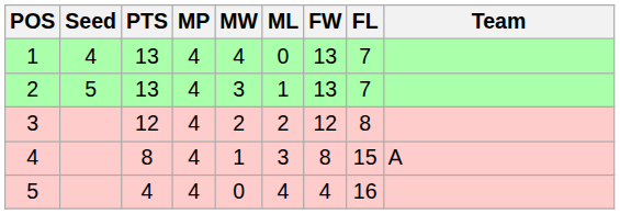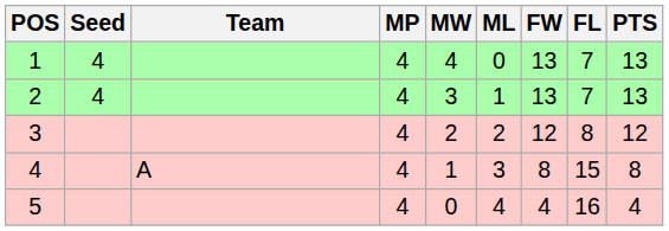 <table class="wikitable" style="text-align: center;">
 <tr>
 <th width=20>POS</th>
 <th width=20>Seed</th>
-<th width=20>PTS</th>
+<th width=165>Team</th>
 <th width=20>MP</th>
 <th width=20>MW</th>
 <th width=20>ML</th>
 <th width=20>FW</th>
 <th width=20>FL</th>
-<th width=165>Team</th>
+<th width=20>PTS</th>
 </tr>
 <tr style="background:#aaffaa;">
 <td>1</td>
 <td>4</td>
-<td>13</td>
+<td style="text-align:left;"><strong></strong></td>
 <td>4</td>
 <td>4</td>
 <td>0</td>
 <td>13</td>
 <td>7</td>
-<td style="text-align:left;"><strong></strong></td>
+<td>13</td>
 </tr>
 <tr style="background:#aaffaa;">
 <td>2</td>
-<td>5</td>
-<td>13</td>
+<td>4</td>
+<td style="text-align:left;"><strong></strong></td>
 <td>4</td>
 <td>3</td>
 <td>1</td>
 <td>13</td>
 <td>7</td>
-<td style="text-align:left;"><strong></strong></td>
+<td>13</td>
 </tr>
 <tr style="background:#fcc;">
 <td>3</td>
 <td></td>
-<td>12</td>
+<td style="text-align:left;"></td>
 <td>4</td>
 <td>2</td>
 <td>2</td>
 <td>12</td>
 <td>8</td>
-<td style="text-align:left;"></td>
+<td>12</td>
 </tr>
 <tr style="background:#fcc;">
 <td>4</td>
 <td></td>
-<td>8</td>
+<td style="text-align:left;"> A</td>
 <td>4</td>
 <td>1</td>
 <td>3</td>
 <td>8</td>
 <td>15</td>
-<td style="text-align:left;"> A</td>
+<td>8</td>
 </tr>
 <tr style="background:#fcc;">
 <td>5</td>
 <td></td>
-<td>4</td>
+<td style="text-align:left;"></td>
 <td>4</td>
 <td>0</td>
 <td>4</td>
 <td>4</td>
 <td>16</td>
-<td style="text-align:left;"></td>
+<td>4</td>
 </tr>
 </table>
